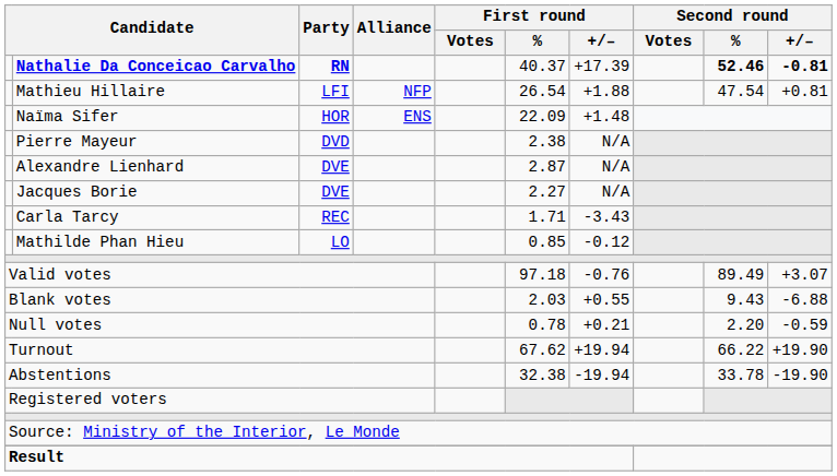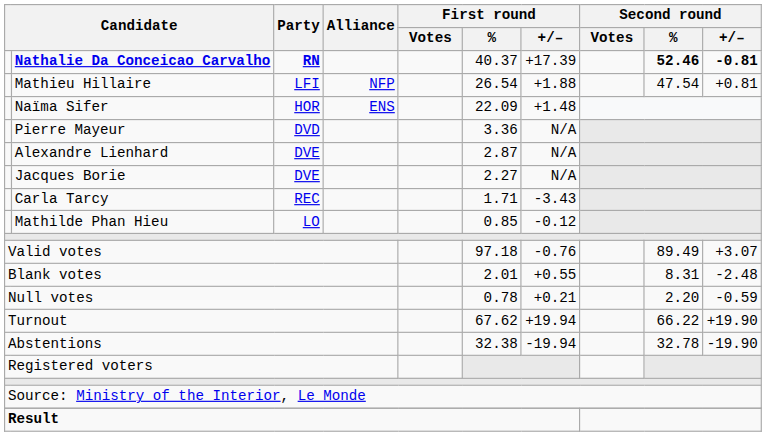 <table class="wikitable" style="text-align:right;font-size:95%;">
 <tr>
 <th rowspan="2" colspan="2">Candidate</th>
 <th rowspan="2">Party</th>
 <th rowspan="2">Alliance</th>
 <th colspan="3">First round</th>
 <th colspan="3">Second round</th>
 </tr>
 <tr>
 <th style="width:50px;">Votes</th>
 <th style="width:45px;">%</th>
 <th style="width:45px;">+/–</th>
 <th style="width:50px;">Votes</th>
 <th style="width:45px;">%</th>
 <th style="width:45px;">+/–</th>
 </tr>
 <tr>
 <td style="color:inherit;background:"></td>
 <td style="text-align:left;"><strong><a href='#'>Nathalie Da Conceicao Carvalho</a></strong></td>
 <td><a href='#'><strong>RN</strong></a></td>
 <td></td>
 <td></td>
 <td>40.37</td>
 <td>+17.39</td>
 <td><strong></strong></td>
 <td><strong>52.46</strong></td>
 <td><strong>-0.81</strong></td>
 </tr>
 <tr>
 <td style="color:inherit;background:"></td>
 <td style="text-align:left;">Mathieu Hillaire</td>
 <td><a href='#'>LFI</a></td>
 <td><a href='#'>NFP</a></td>
 <td></td>
 <td>26.54</td>
 <td>+1.88</td>
 <td></td>
 <td>47.54</td>
 <td>+0.81</td>
 </tr>
 <tr>
 <td style="color:inherit;background:"></td>
 <td style="text-align:left;">Naïma Sifer</td>
 <td><a href='#'>HOR</a></td>
 <td><a href='#'>ENS</a></td>
 <td></td>
 <td>22.09</td>
 <td>+1.48</td>
 <td colspan="3" style="background:#F8F9FA;"></td>
 </tr>
 <tr>
 <td style="color:inherit;background:"></td>
 <td style="text-align:left;">Pierre Mayeur</td>
 <td><a href='#'>DVD</a></td>
 <td></td>
 <td></td>
-<td>2.38</td>
+<td>3.36</td>
 <td>N/A</td>
 <td colspan="3" style="background:#E9E9E9;"></td>
 </tr>
 <tr>
 <td style="color:inherit;background:"></td>
 <td style="text-align:left;">Alexandre Lienhard</td>
 <td><a href='#'>DVE</a></td>
 <td></td>
 <td></td>
 <td>2.87</td>
 <td>N/A</td>
 <td colspan="3" style="background:#E9E9E9;"></td>
 </tr>
 <tr>
 <td style="color:inherit;background:"></td>
 <td style="text-align:left;">Jacques Borie</td>
 <td><a href='#'>DVE</a></td>
 <td></td>
 <td></td>
 <td>2.27</td>
 <td>N/A</td>
 <td colspan="3" style="background:#E9E9E9;"></td>
 </tr>
 <tr>
 <td style="color:inherit;background:"></td>
 <td style="text-align:left;">Carla Tarcy</td>
 <td><a href='#'>REC</a></td>
 <td></td>
 <td></td>
 <td>1.71</td>
 <td>-3.43</td>
 <td colspan="3" style="background:#E9E9E9;"></td>
 </tr>
 <tr>
 <td style="color:inherit;background:"></td>
 <td style="text-align:left;">Mathilde Phan Hieu</td>
 <td><a href='#'>LO</a></td>
 <td></td>
 <td></td>
 <td>0.85</td>
 <td>-0.12</td>
 <td colspan="3" style="background:#E9E9E9;"></td>
 </tr>
 <tr>
 <td colspan="10" style="background:#E9E9E9;"></td>
 </tr>
 <tr>
 <td colspan="4" style="text-align:left;">Valid votes</td>
 <td></td>
 <td>97.18</td>
 <td>-0.76</td>
 <td></td>
 <td>89.49</td>
 <td>+3.07</td>
 </tr>
 <tr>
 <td colspan="4" style="text-align:left;">Blank votes</td>
 <td></td>
-<td>2.03</td>
+<td>2.01</td>
 <td>+0.55</td>
 <td></td>
-<td>9.43</td>
-<td>-6.88</td>
+<td>8.31</td>
+<td>-2.48</td>
 </tr>
 <tr>
 <td colspan="4" style="text-align:left;">Null votes</td>
 <td></td>
 <td>0.78</td>
 <td>+0.21</td>
 <td></td>
 <td>2.20</td>
 <td>-0.59</td>
 </tr>
 <tr>
 <td colspan="4" style="text-align:left;">Turnout</td>
 <td></td>
 <td>67.62</td>
 <td>+19.94</td>
 <td></td>
 <td>66.22</td>
 <td>+19.90</td>
 </tr>
 <tr>
 <td colspan="4" style="text-align:left;">Abstentions</td>
 <td></td>
 <td>32.38</td>
 <td>-19.94</td>
 <td></td>
-<td>33.78</td>
+<td>32.78</td>
 <td>-19.90</td>
 </tr>
 <tr>
 <td colspan="4" style="text-align:left;">Registered voters</td>
 <td></td>
 <td colspan="2" style="background:#E9E9E9;"></td>
 <td></td>
 <td colspan="2" style="background:#E9E9E9;"></td>
 </tr>
 <tr>
 <td colspan="10" style="background:#E9E9E9;"></td>
 </tr>
 <tr>
 <td colspan="10" style="text-align:left;">Source: <a href='#'>Ministry of the Interior</a>, <a href='#'>Le Monde</a></td>
 </tr>
 <tr>
 </tr>
 <tr style="font-weight:bold">
 <td colspan="7" style="text-align:left;">Result</td>
 <td colspan="7" style="background-color:"></td>
 </tr>
 </table>
